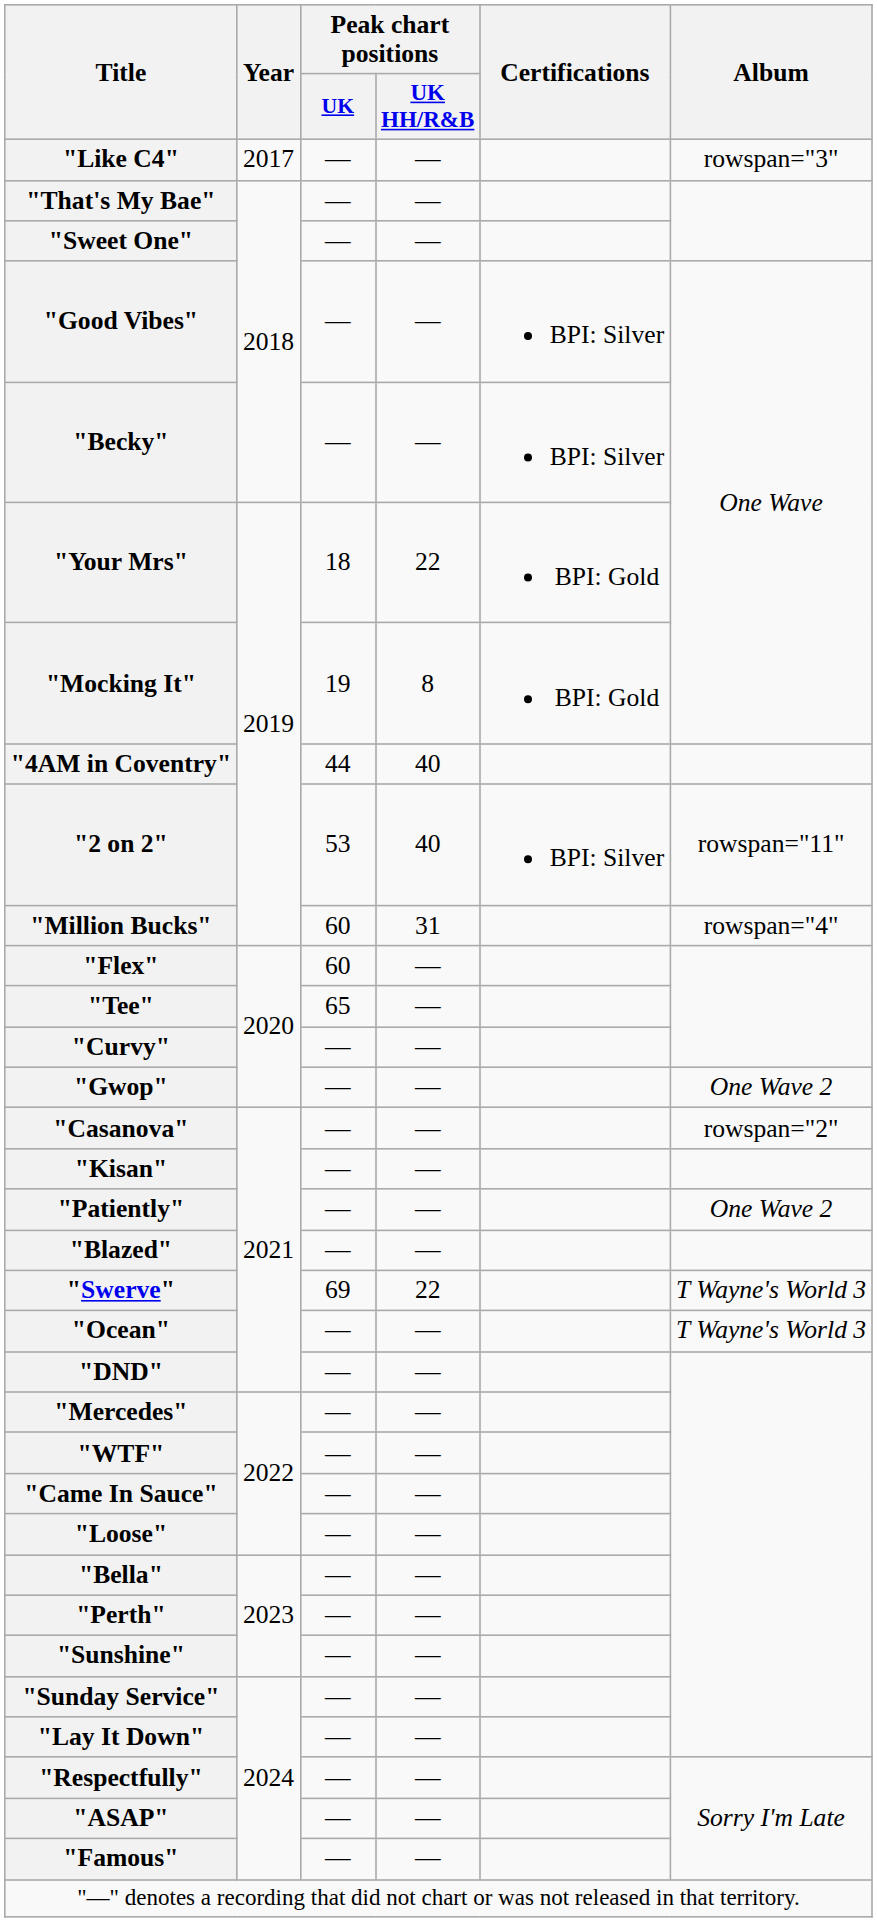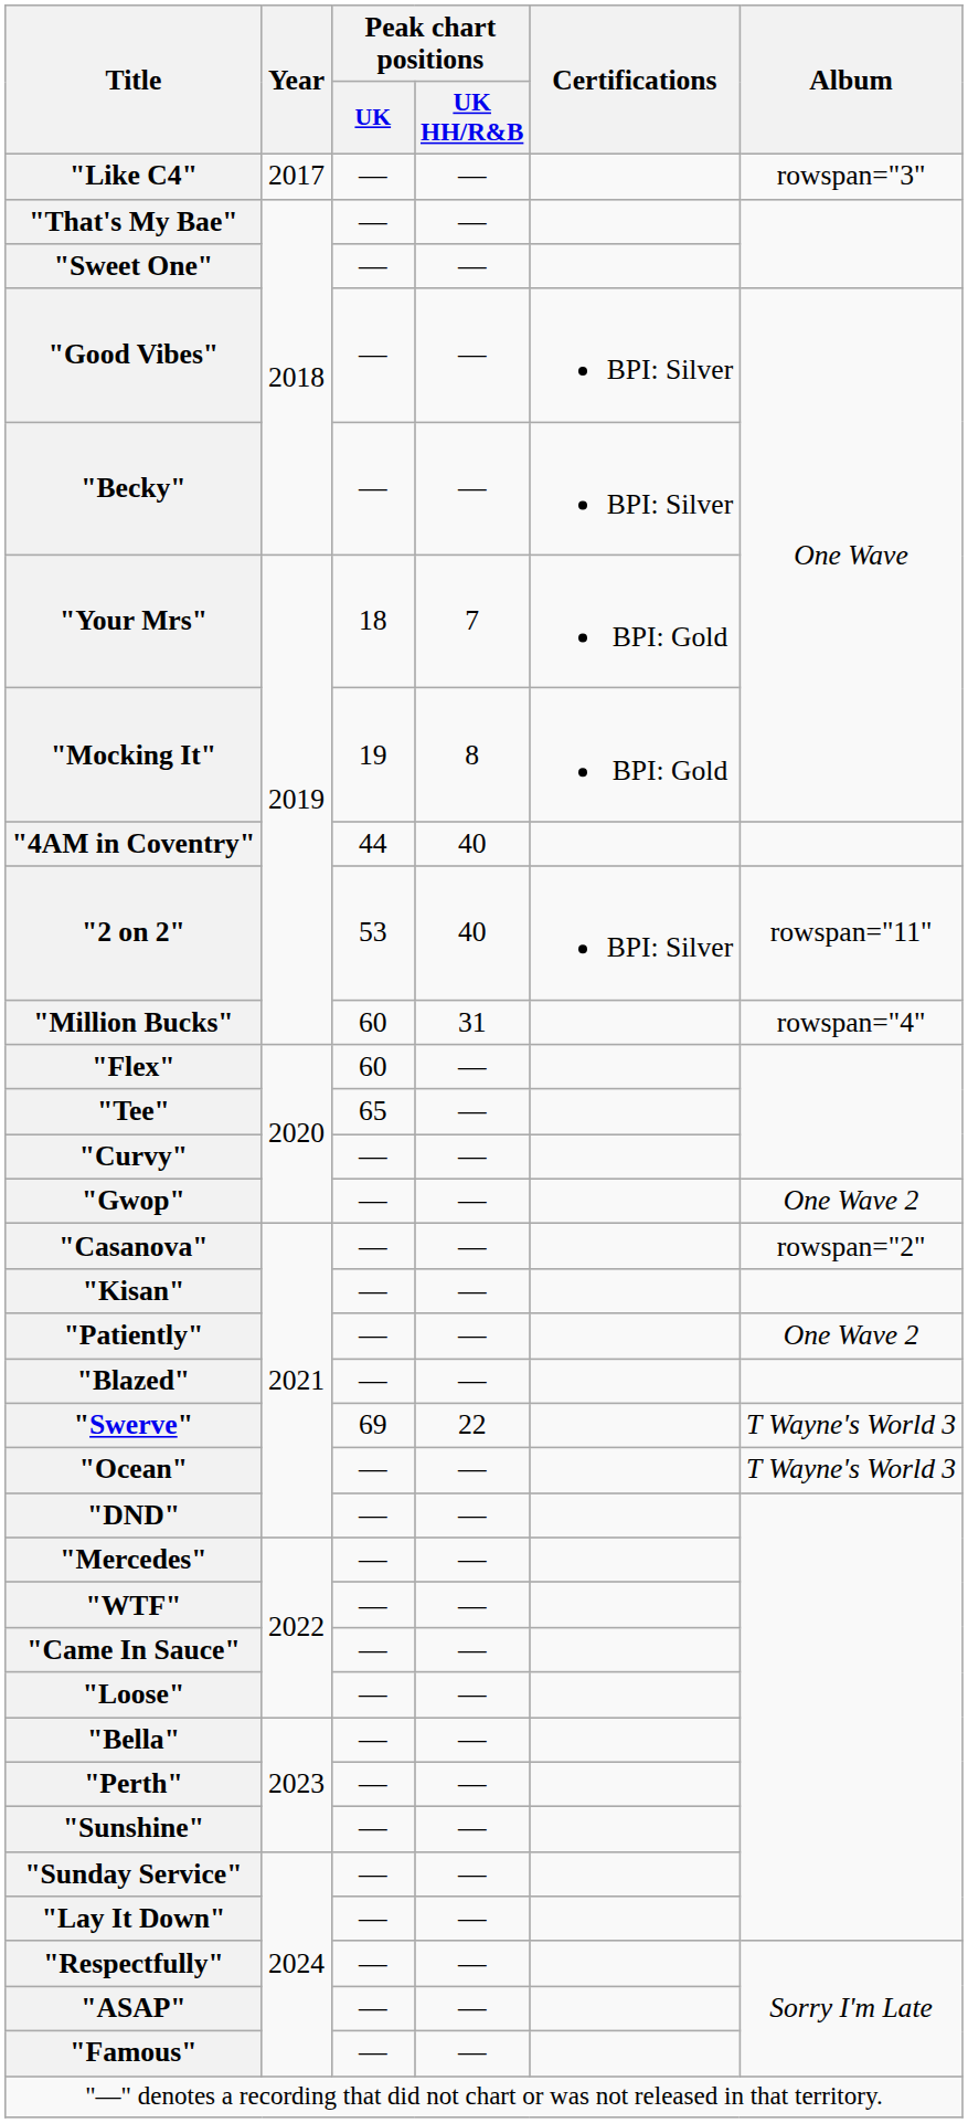 <table class="wikitable plainrowheaders" style="text-align:center;">
 <tr>
 <th scope="col" rowspan="2">Title</th>
 <th scope="col" rowspan="2">Year</th>
 <th scope="col" colspan="2">Peak chart positions</th>
 <th rowspan="2">Certifications</th>
 <th scope="col" rowspan="2">Album</th>
 </tr>
 <tr>
 <th scope="col" style="width:3em;font-size:85%;"><a href='#'>UK</a><br></th>
 <th scope="col" style="width:3.5em;font-size:90%;"><a href='#'>UK<br>HH/R&B</a></th>
 </tr>
 <tr>
 <th scope="row">"Like C4"</th>
 <td>2017</td>
 <td>—</td>
 <td>—</td>
 <td></td>
 <td>rowspan="3" </td>
 </tr>
 <tr>
 <th scope="row">"That's My Bae"</th>
 <td rowspan="4">2018</td>
 <td>—</td>
 <td>—</td>
 <td></td>
 </tr>
 <tr>
 <th scope="row">"Sweet One"</th>
 <td>—</td>
 <td>—</td>
 <td></td>
 </tr>
 <tr>
 <th scope="row">"Good Vibes"</th>
 <td>—</td>
 <td>—</td>
 <td><br><ul><li>BPI: Silver</li></ul></td>
 <td rowspan="4"><em>One Wave</em></td>
 </tr>
 <tr>
 <th scope="row">"Becky"</th>
 <td>—</td>
 <td>—</td>
 <td><br><ul><li>BPI: Silver</li></ul></td>
 </tr>
 <tr>
 <th scope="row">"Your Mrs"</th>
 <td rowspan="5">2019</td>
 <td>18</td>
-<td>22</td>
+<td>7</td>
 <td><br><ul><li>BPI: Gold</li></ul></td>
 </tr>
 <tr>
 <th scope="row">"Mocking It"</th>
 <td>19</td>
 <td>8</td>
 <td><br><ul><li>BPI: Gold</li></ul></td>
 </tr>
 <tr>
 <th scope="row">"4AM in Coventry"</th>
 <td>44</td>
 <td>40</td>
 <td></td>
 <td></td>
 </tr>
 <tr>
 <th scope="row">"2 on 2"<br></th>
 <td>53</td>
 <td>40</td>
 <td><br><ul><li>BPI: Silver</li></ul></td>
 <td>rowspan="11" </td>
 </tr>
 <tr>
 <th scope="row">"Million Bucks"</th>
 <td>60</td>
 <td>31</td>
 <td></td>
 <td>rowspan="4" </td>
 </tr>
 <tr>
 <th scope="row">"Flex"<br></th>
 <td rowspan="4">2020</td>
 <td>60</td>
 <td>—</td>
 <td></td>
 </tr>
 <tr>
 <th scope="row">"Tee"<br></th>
 <td>65</td>
 <td>—</td>
 <td></td>
 </tr>
 <tr>
 <th scope="row">"Curvy"<br></th>
 <td>—</td>
 <td>—</td>
 <td></td>
 </tr>
 <tr>
 <th scope="row">"Gwop"</th>
 <td>—</td>
 <td>—</td>
 <td></td>
 <td rowspan="1"><em>One Wave 2</em></td>
 </tr>
 <tr>
 <th scope="row">"Casanova"<br></th>
 <td rowspan="7">2021</td>
 <td>—</td>
 <td>—</td>
 <td></td>
 <td>rowspan="2" </td>
 </tr>
 <tr>
 <th scope="row">"Kisan"<br></th>
 <td>—</td>
 <td>—</td>
 <td></td>
 </tr>
 <tr>
 <th scope="row">"Patiently"</th>
 <td>—</td>
 <td>—</td>
 <td></td>
 <td><em>One Wave 2</em></td>
 </tr>
 <tr>
 <th scope="row">"Blazed"</th>
 <td>—</td>
 <td>—</td>
 <td></td>
 <td></td>
 </tr>
 <tr>
 <th scope="row">"<a href='#'>Swerve</a>"<br></th>
 <td>69</td>
 <td>22</td>
 <td></td>
 <td><em>T Wayne's World 3</em></td>
 </tr>
 <tr>
 <th scope="row">"Ocean"</th>
 <td>—</td>
 <td>—</td>
 <td></td>
 <td><em>T Wayne's World 3</em></td>
 </tr>
 <tr>
 <th scope="row">"DND"</th>
 <td>—</td>
 <td>—</td>
 <td></td>
 </tr>
 <tr>
 <th scope="row">"Mercedes"</th>
 <td rowspan="4">2022</td>
 <td>—</td>
 <td>—</td>
 <td></td>
 </tr>
 <tr>
 <th scope="row">"WTF"</th>
 <td>—</td>
 <td>—</td>
 <td></td>
 </tr>
 <tr>
 <th scope="row">"Came In Sauce"</th>
 <td>—</td>
 <td>—</td>
 <td></td>
 </tr>
 <tr>
 <th scope="row">"Loose"<br></th>
 <td>—</td>
 <td>—</td>
 <td></td>
 </tr>
 <tr>
 <th scope="row">"Bella"</th>
 <td rowspan="3">2023</td>
 <td>—</td>
 <td>—</td>
 <td></td>
 </tr>
 <tr>
 <th scope="row">"Perth"</th>
 <td>—</td>
 <td>—</td>
 <td></td>
 </tr>
 <tr>
 <th scope="row">"Sunshine"<br></th>
 <td>—</td>
 <td>—</td>
 <td></td>
 </tr>
 <tr>
 <th scope="row">"Sunday Service"</th>
 <td rowspan="5">2024</td>
 <td>—</td>
 <td>—</td>
 <td></td>
 </tr>
 <tr>
 <th scope="row">"Lay It Down"<br></th>
 <td>—</td>
 <td>—</td>
 <td></td>
 </tr>
 <tr>
 <th scope="row">"Respectfully"</th>
 <td>—</td>
 <td>—</td>
 <td></td>
 <td rowspan="3"><em>Sorry I'm Late</em></td>
 </tr>
 <tr>
 <th scope="row">"ASAP"<br></th>
 <td>—</td>
 <td>—</td>
 <td></td>
 </tr>
 <tr>
 <th scope="row">"Famous"</th>
 <td>—</td>
 <td>—</td>
 <td></td>
 </tr>
 <tr>
 <td colspan="6" style="font-size:90%">"—" denotes a recording that did not chart or was not released in that territory.</td>
 </tr>
 </table>
